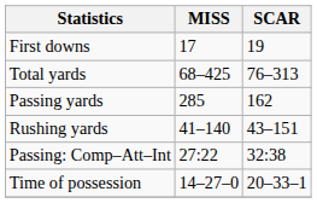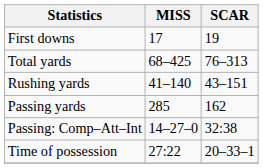 <table class="wikitable" style="float: left;">
 <tr>
 <th>Statistics</th>
 <th>MISS</th>
 <th>SCAR</th>
 </tr>
 <tr>
 <td>First downs</td>
 <td>17</td>
 <td>19</td>
 </tr>
 <tr>
 <td>Total yards</td>
 <td>68–425</td>
 <td>76–313</td>
 </tr>
 <tr>
+<td>Rushing yards</td>
+<td>41–140</td>
+<td>43–151</td>
+</tr>
+<tr>
 <td>Passing yards</td>
 <td>285</td>
 <td>162</td>
 </tr>
 <tr>
-<td>Rushing yards</td>
-<td>41–140</td>
-<td>43–151</td>
-</tr>
-<tr>
 <td>Passing: Comp–Att–Int</td>
-<td>27:22</td>
+<td>14–27–0</td>
 <td>32:38</td>
 </tr>
 <tr>
 <td>Time of possession</td>
-<td>14–27–0</td>
+<td>27:22</td>
 <td>20–33–1</td>
 </tr>
 <tr>
 </tr>
 </table>
